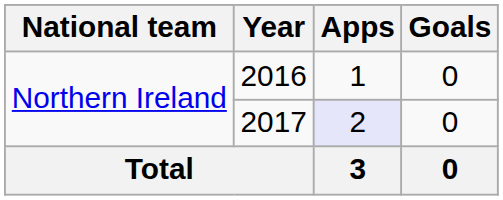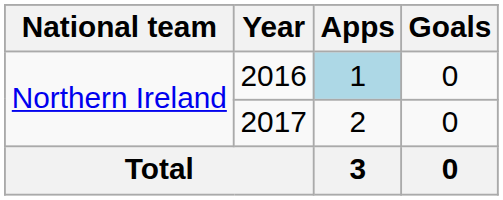 <table class="wikitable" style="text-align:center">
 <tr>
 <th>National team</th>
 <th>Year</th>
 <th>Apps</th>
 <th>Goals</th>
 </tr>
 <tr>
 <td rowspan="2"><a href='#'>Northern Ireland</a></td>
 <td>2016</td>
-<td>1</td>
+<td style="background: lightblue;">1</td>
 <td>0</td>
 </tr>
 <tr>
 <td>2017</td>
-<td style="background: lavender;">2</td>
+<td>2</td>
 <td>0</td>
 </tr>
 <tr>
 <th colspan="2">Total</th>
 <th>3</th>
 <th>0</th>
 </tr>
 </table>
